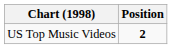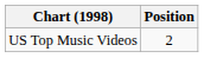 <table class="wikitable" border="1">
 <tr>
 <th>Chart (1998)</th>
 <th>Position</th>
 </tr>
 <tr>
 <td>US Top Music Videos</td>
-<td align="center"><strong>2</strong></td>
+<td align="center">2</td>
 </tr>
 </table>
